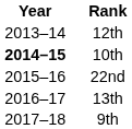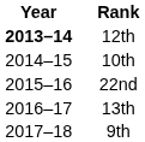 <table style="border:'1' 'solid' 'black'; width:150px;">
 <tr style="text-align:center;">
 <th style="width:64px; ">Year</th>
 <th style="width:64px; ">Rank</th>
 </tr>
 <tr style="text-align:center;">
-<td style="width:64px;">2013–14</td>
+<td style="width:64px;"><strong>2013–14</strong></td>
 <td style="width:64px;">12th</td>
 </tr>
 <tr style="text-align:center;">
-<td style="width:64px;"><strong>2014–15</strong></td>
+<td style="width:64px;">2014–15</td>
 <td style="width:64px;">10th</td>
 </tr>
 <tr style="text-align:center;">
 <td style="width:64px;">2015–16</td>
 <td style="width:64px;">22nd</td>
 </tr>
 <tr style="text-align:center;">
 <td style="width:64px;">2016–17</td>
 <td style="width:64px;">13th</td>
 </tr>
 <tr style="text-align:center;">
 <td style="width:64px;">2017–18</td>
 <td style="width:64px;">9th</td>
 </tr>
 </table>
